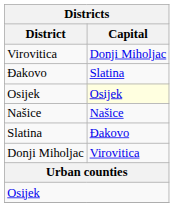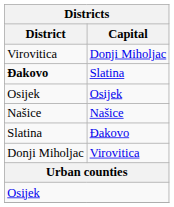 <table class="wikitable">
 <tr>
 <th colspan=2>Districts</th>
 </tr>
 <tr>
 <th>District</th>
 <th>Capital</th>
 </tr>
 <tr>
 <td>Virovitica</td>
 <td><a href='#'>Donji Miholjac</a></td>
 </tr>
 <tr>
-<td>Đakovo</td>
+<td><strong>Đakovo</strong></td>
 <td><a href='#'>Slatina</a></td>
 </tr>
 <tr>
 <td>Osijek</td>
-<td style="background: lightyellow;"><a href='#'>Osijek</a></td>
+<td><a href='#'>Osijek</a></td>
 </tr>
 <tr>
 <td>Našice</td>
 <td><a href='#'>Našice</a></td>
 </tr>
 <tr>
 <td>Slatina</td>
 <td><a href='#'>Đakovo</a></td>
 </tr>
 <tr>
 <td>Donji Miholjac</td>
 <td><a href='#'>Virovitica</a></td>
 </tr>
 <tr>
 <th colspan=2>Urban counties</th>
 </tr>
 <tr>
 <td colspan=2><a href='#'>Osijek</a></td>
 </tr>
 <tr>
 </tr>
 </table>
